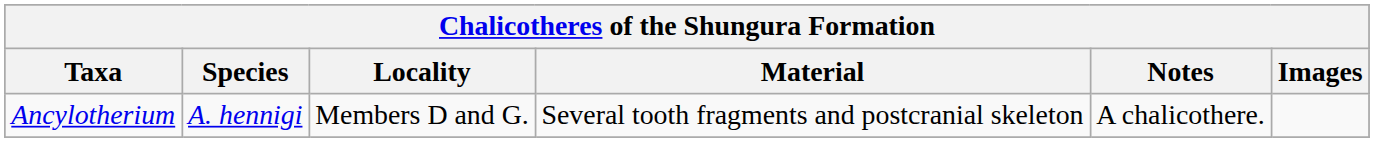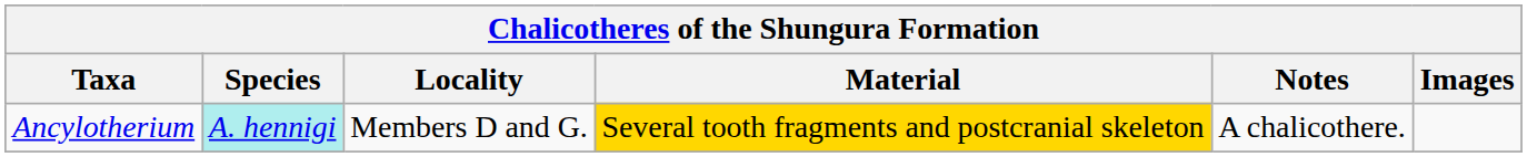 <table class="wikitable" align="center">
 <tr>
 <th colspan="7" align="center"><strong><a href='#'>Chalicotheres</a></strong> of the Shungura Formation</th>
 </tr>
 <tr>
 <th>Taxa</th>
 <th>Species</th>
 <th>Locality</th>
 <th>Material</th>
 <th>Notes</th>
 <th>Images</th>
 </tr>
 <tr>
 <td><em><a href='#'>Ancylotherium</a></em></td>
-<td><em><a href='#'>A. hennigi</a></em></td>
+<td style="background: paleturquoise;"><em><a href='#'>A. hennigi</a></em></td>
 <td>Members D and G.</td>
-<td>Several tooth fragments and postcranial skeleton</td>
+<td style="background: gold;">Several tooth fragments and postcranial skeleton</td>
 <td>A chalicothere.</td>
 <td></td>
 </tr>
 </table>
